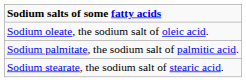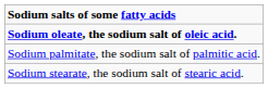 <table class="wikitable floatright">
 <tr>
 <td><strong>Sodium salts of some <a href='#'>fatty acids</a></strong></td>
 </tr>
 <tr>
-<td> <a href='#'>Sodium oleate</a>, the sodium salt of <a href='#'>oleic acid</a>.</td>
+<td><strong> <a href='#'>Sodium oleate</a>, the sodium salt of <a href='#'>oleic acid</a>.</strong></td>
 </tr>
 <tr>
 <td> <a href='#'>Sodium palmitate</a>, the sodium salt of <a href='#'>palmitic acid</a>.</td>
 </tr>
 <tr>
 <td> <a href='#'>Sodium stearate</a>, the sodium salt of <a href='#'>stearic acid</a>.</td>
 </tr>
 </table>
